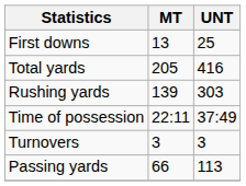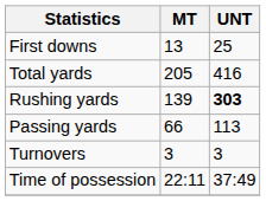 <table class="wikitable" style="float: left;">
 <tr>
 <th>Statistics</th>
 <th>MT</th>
 <th>UNT</th>
 </tr>
 <tr>
 <td>First downs</td>
 <td>13</td>
 <td>25</td>
 </tr>
 <tr>
 <td>Total yards</td>
 <td>205</td>
 <td>416</td>
 </tr>
 <tr>
 <td>Rushing yards</td>
 <td>139</td>
-<td>303</td>
+<td><strong>303</strong></td>
+</tr>
+<tr>
+<td>Passing yards</td>
+<td>66</td>
+<td>113</td>
+</tr>
+<tr>
+<td>Turnovers</td>
+<td>3</td>
+<td>3</td>
 </tr>
 <tr>
 <td>Time of possession</td>
 <td>22:11</td>
 <td>37:49</td>
 </tr>
 <tr>
-<td>Turnovers</td>
-<td>3</td>
-<td>3</td>
-</tr>
-<tr>
-<td>Passing yards</td>
-<td>66</td>
-<td>113</td>
-</tr>
-<tr>
 </tr>
 </table>
